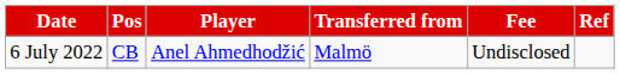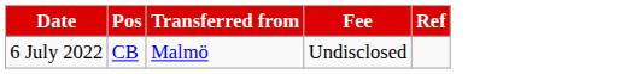 <table class="wikitable plainrowheaders sortable">
 <tr>
 <th style="background:#DD0000; color:#FFFFFF; ">Date</th>
 <th style="background:#DD0000; color:#FFFFFF; ">Pos</th>
-<th style="background:#DD0000; color:#FFFFFF; ">Player</th>
 <th style="background:#DD0000; color:#FFFFFF; ">Transferred from</th>
 <th style="background:#DD0000; color:#FFFFFF; ">Fee</th>
 <th style="background:#DD0000; color:#FFFFFF; ">Ref</th>
 </tr>
 <tr>
 <td>6 July 2022</td>
 <td><a href='#'>CB</a></td>
-<td> <a href='#'>Anel Ahmedhodžić</a></td>
 <td> <a href='#'>Malmö</a></td>
 <td>Undisclosed</td>
 <td></td>
 </tr>
 </table>
